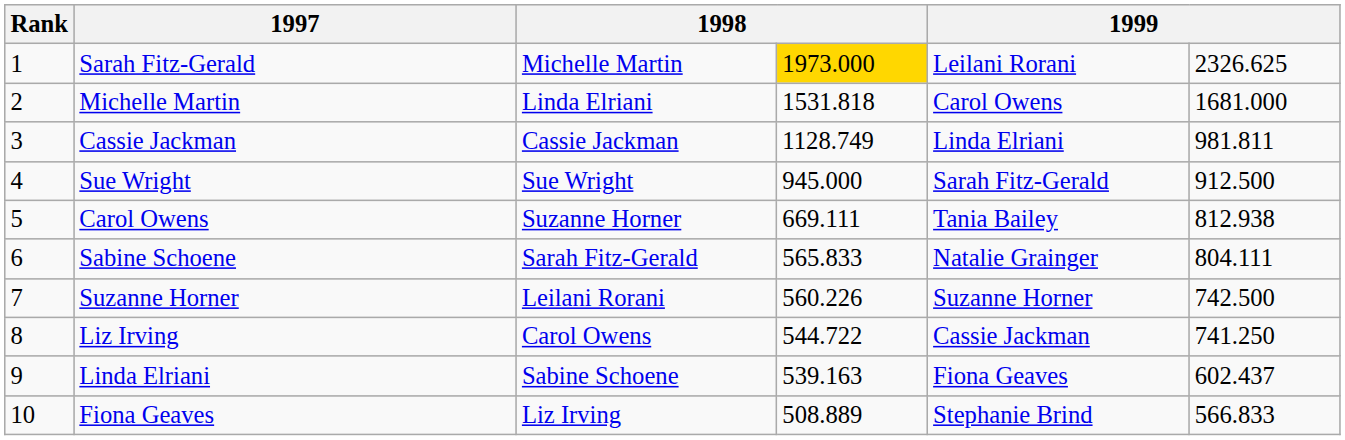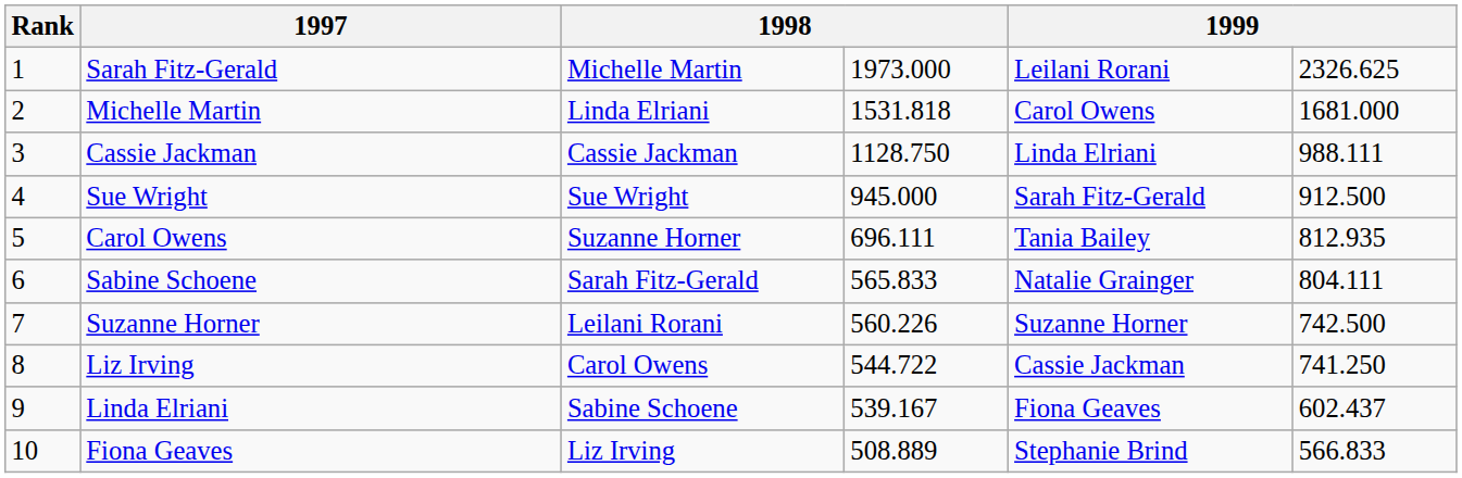 <table class=wikitable>
 <tr>
 <th>Rank</th>
 <th colspan=1 width="280">1997</th>
 <th colspan=2 width="280">1998</th>
 <th colspan=2 width="280">1999</th>
 </tr>
 <tr>
 <td>1</td>
 <td> <a href='#'>Sarah Fitz-Gerald</a></td>
 <td> <a href='#'>Michelle Martin</a></td>
-<td style="background: gold;">1973.000</td>
+<td>1973.000</td>
 <td> <a href='#'>Leilani Rorani</a></td>
 <td>2326.625</td>
 </tr>
 <tr>
 <td>2</td>
 <td> <a href='#'>Michelle Martin</a></td>
 <td> <a href='#'>Linda Elriani</a></td>
 <td>1531.818</td>
 <td> <a href='#'>Carol Owens</a></td>
 <td>1681.000</td>
 </tr>
 <tr>
 <td>3</td>
 <td> <a href='#'>Cassie Jackman</a></td>
 <td> <a href='#'>Cassie Jackman</a></td>
-<td>1128.749</td>
+<td>1128.750</td>
 <td> <a href='#'>Linda Elriani</a></td>
-<td>981.811</td>
+<td>988.111</td>
 </tr>
 <tr>
 <td>4</td>
 <td> <a href='#'>Sue Wright</a></td>
 <td> <a href='#'>Sue Wright</a></td>
 <td>945.000</td>
 <td> <a href='#'>Sarah Fitz-Gerald</a></td>
 <td>912.500</td>
 </tr>
 <tr>
 <td>5</td>
 <td> <a href='#'>Carol Owens</a></td>
 <td> <a href='#'>Suzanne Horner</a></td>
-<td>669.111</td>
+<td>696.111</td>
 <td> <a href='#'>Tania Bailey</a></td>
-<td>812.938</td>
+<td>812.935</td>
 </tr>
 <tr>
 <td>6</td>
 <td> <a href='#'>Sabine Schoene</a></td>
 <td> <a href='#'>Sarah Fitz-Gerald</a></td>
 <td>565.833</td>
 <td> <a href='#'>Natalie Grainger</a></td>
 <td>804.111</td>
 </tr>
 <tr>
 <td>7</td>
 <td> <a href='#'>Suzanne Horner</a></td>
 <td> <a href='#'>Leilani Rorani</a></td>
 <td>560.226</td>
 <td> <a href='#'>Suzanne Horner</a></td>
 <td>742.500</td>
 </tr>
 <tr>
 <td>8</td>
 <td> <a href='#'>Liz Irving</a></td>
 <td> <a href='#'>Carol Owens</a></td>
 <td>544.722</td>
 <td> <a href='#'>Cassie Jackman</a></td>
 <td>741.250</td>
 </tr>
 <tr>
 <td>9</td>
 <td> <a href='#'>Linda Elriani</a></td>
 <td> <a href='#'>Sabine Schoene</a></td>
-<td>539.163</td>
+<td>539.167</td>
 <td> <a href='#'>Fiona Geaves</a></td>
 <td>602.437</td>
 </tr>
 <tr>
 <td>10</td>
 <td> <a href='#'>Fiona Geaves</a></td>
 <td> <a href='#'>Liz Irving</a></td>
 <td>508.889</td>
 <td> <a href='#'>Stephanie Brind</a></td>
 <td>566.833</td>
 </tr>
 </table>
